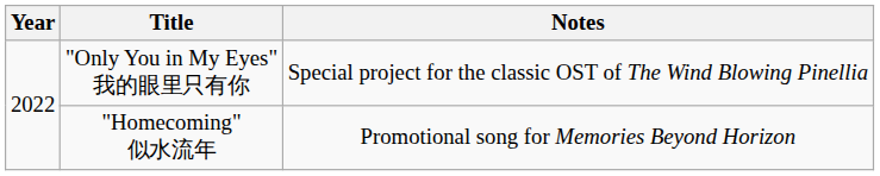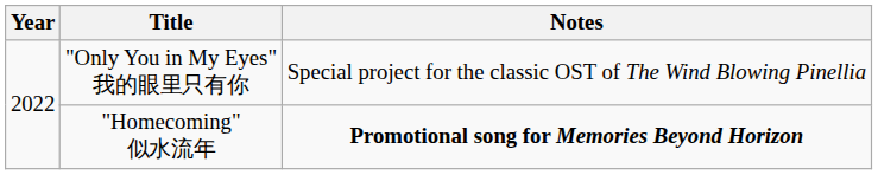 <table class="wikitable plainrowheaders" style="text-align:center;">
 <tr>
 <th scope="col" rowspan="1">Year</th>
 <th scope="col" rowspan="1">Title</th>
 <th scope="col" rowspan="1">Notes</th>
 </tr>
 <tr>
 <td rowspan="2">2022</td>
 <td>"Only You in My Eyes"<br>我的眼里只有你</td>
 <td>Special project for the classic OST of <em>The Wind Blowing Pinellia</em></td>
 </tr>
 <tr>
 <td>"Homecoming"<br>似水流年</td>
-<td>Promotional song for <em>Memories Beyond Horizon</em></td>
+<td><strong>Promotional song for <em>Memories Beyond Horizon</em></strong></td>
 </tr>
 </table>
